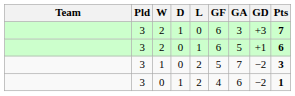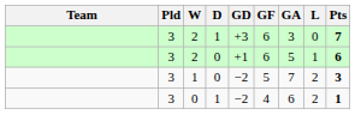 <table class="wikitable" style="text-align:center;">
 <tr>
 <th width=180>Team</th>
 <th width=20>Pld</th>
 <th width=20>W</th>
 <th width=20>D</th>
-<th width=20>L</th>
+<th width=20>GD</th>
 <th width=20>GF</th>
 <th width=20>GA</th>
-<th width=20>GD</th>
+<th width=20>L</th>
 <th width=20>Pts</th>
 </tr>
 <tr bgcolor="ccffcc">
 <td align="left"></td>
 <td>3</td>
 <td>2</td>
 <td>1</td>
-<td>0</td>
+<td>+3</td>
 <td>6</td>
 <td>3</td>
-<td>+3</td>
+<td>0</td>
 <td><strong>7</strong></td>
 </tr>
 <tr bgcolor="ccffcc">
 <td align="left"></td>
 <td>3</td>
 <td>2</td>
 <td>0</td>
-<td>1</td>
+<td>+1</td>
 <td>6</td>
 <td>5</td>
-<td>+1</td>
+<td>1</td>
 <td><strong>6</strong></td>
 </tr>
 <tr>
 <td align="left"></td>
 <td>3</td>
 <td>1</td>
 <td>0</td>
-<td>2</td>
+<td>−2</td>
 <td>5</td>
 <td>7</td>
-<td>−2</td>
+<td>2</td>
 <td><strong>3</strong></td>
 </tr>
 <tr>
 <td align="left"></td>
 <td>3</td>
 <td>0</td>
 <td>1</td>
-<td>2</td>
+<td>−2</td>
 <td>4</td>
 <td>6</td>
-<td>−2</td>
+<td>2</td>
 <td><strong>1</strong></td>
 </tr>
 </table>
